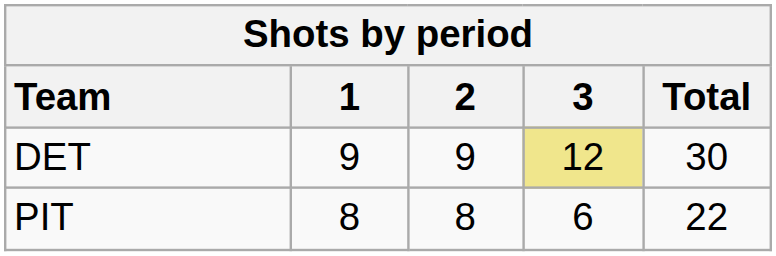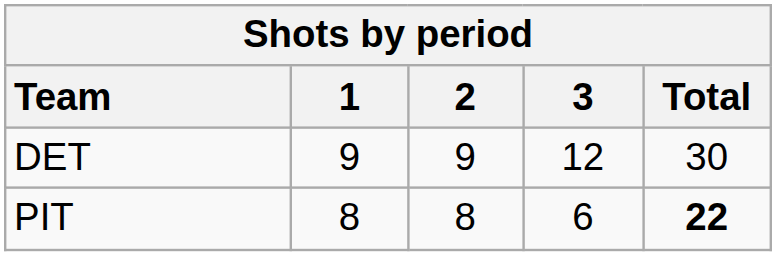 <table class="wikitable" style="width:20em">
 <tr>
 <th colspan="6">Shots by period</th>
 </tr>
 <tr>
 <th style="width:8em; text-align:left;">Team</th>
 <th style="width:3em;">1</th>
 <th style="width:3em;">2</th>
 <th style="width:3em;">3</th>
 <th style="width:3em;">Total</th>
 </tr>
 <tr style="text-align:center;">
 <td align="left">DET</td>
 <td>9</td>
 <td>9</td>
-<td style="background: khaki;">12</td>
+<td>12</td>
 <td>30</td>
 </tr>
 <tr style="text-align:center;">
 <td align="left">PIT</td>
 <td>8</td>
 <td>8</td>
 <td>6</td>
-<td>22</td>
+<td><strong>22</strong></td>
 </tr>
 </table>
